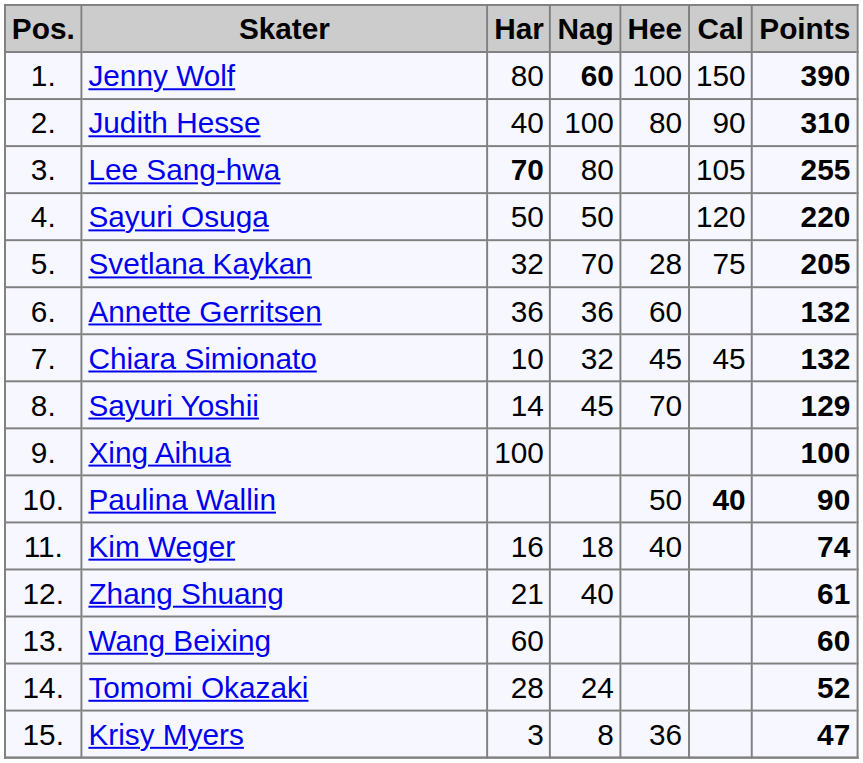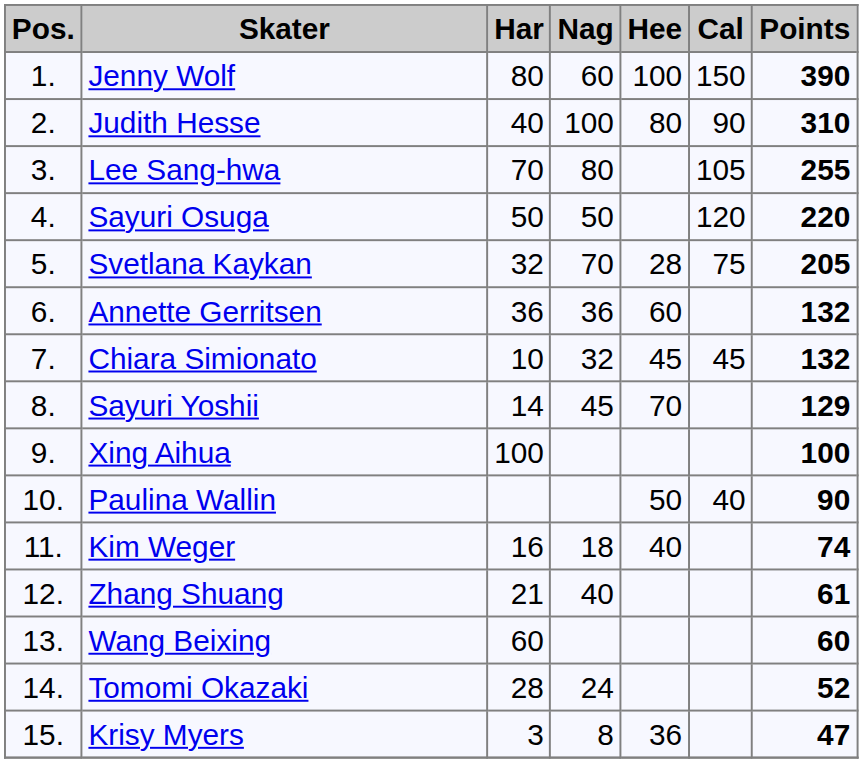 <table bgcolor="#f7f8ff" cellpadding="3" cellspacing="0" border="1" style="font-size: 95%; border: gray solid 1px; border-collapse: collapse;">
 <tr bgcolor="#CCCCCC">
 <td align="center" width="10"><strong>Pos.</strong></td>
 <td align="center" width="200"><strong>Skater</strong></td>
 <td align="center" width="20"><strong>Har</strong></td>
 <td align="center" width="20"><strong>Nag</strong></td>
 <td align="center" width="20"><strong>Hee</strong></td>
 <td align="center" width="20"><strong>Cal</strong></td>
 <td align="center" width="20"><strong>Points</strong></td>
 </tr>
 <tr align="left">
 <td align="center">1.</td>
 <td> <a href='#'>Jenny Wolf</a></td>
 <td align="right">80</td>
-<td align="right"><strong>60</strong></td>
+<td align="right">60</td>
 <td align="right">100</td>
 <td align="right">150</td>
 <td align="right"><strong>390</strong></td>
 </tr>
 <tr align="left">
 <td align="center">2.</td>
 <td> <a href='#'>Judith Hesse</a></td>
 <td align="right">40</td>
 <td align="right">100</td>
 <td align="right">80</td>
 <td align="right">90</td>
 <td align="right"><strong>310</strong></td>
 </tr>
 <tr align="left">
 <td align="center">3.</td>
 <td> <a href='#'>Lee Sang-hwa</a></td>
-<td align="right"><strong>70</strong></td>
+<td align="right">70</td>
 <td align="right">80</td>
 <td align="right"></td>
 <td align="right">105</td>
 <td align="right"><strong>255</strong></td>
 </tr>
 <tr align="left">
 <td align="center">4.</td>
 <td> <a href='#'>Sayuri Osuga</a></td>
 <td align="right">50</td>
 <td align="right">50</td>
 <td align="right"></td>
 <td align="right">120</td>
 <td align="right"><strong>220</strong></td>
 </tr>
 <tr align="left">
 <td align="center">5.</td>
 <td> <a href='#'>Svetlana Kaykan</a></td>
 <td align="right">32</td>
 <td align="right">70</td>
 <td align="right">28</td>
 <td align="right">75</td>
 <td align="right"><strong>205</strong></td>
 </tr>
 <tr align="left">
 <td align="center">6.</td>
 <td> <a href='#'>Annette Gerritsen</a></td>
 <td align="right">36</td>
 <td align="right">36</td>
 <td align="right">60</td>
 <td align="right"></td>
 <td align="right"><strong>132</strong></td>
 </tr>
 <tr align="left">
 <td align="center">7.</td>
 <td> <a href='#'>Chiara Simionato</a></td>
 <td align="right">10</td>
 <td align="right">32</td>
 <td align="right">45</td>
 <td align="right">45</td>
 <td align="right"><strong>132</strong></td>
 </tr>
 <tr align="left">
 <td align="center">8.</td>
 <td> <a href='#'>Sayuri Yoshii</a></td>
 <td align="right">14</td>
 <td align="right">45</td>
 <td align="right">70</td>
 <td align="right"></td>
 <td align="right"><strong>129</strong></td>
 </tr>
 <tr align="left">
 <td align="center">9.</td>
 <td> <a href='#'>Xing Aihua</a></td>
 <td align="right">100</td>
 <td align="right"></td>
 <td align="right"></td>
 <td align="right"></td>
 <td align="right"><strong>100</strong></td>
 </tr>
 <tr align="left">
 <td align="center">10.</td>
 <td> <a href='#'>Paulina Wallin</a></td>
 <td align="right"></td>
 <td align="right"></td>
 <td align="right">50</td>
-<td align="right"><strong>40</strong></td>
+<td align="right">40</td>
 <td align="right"><strong>90</strong></td>
 </tr>
 <tr align="left">
 <td align="center">11.</td>
 <td> <a href='#'>Kim Weger</a></td>
 <td align="right">16</td>
 <td align="right">18</td>
 <td align="right">40</td>
 <td align="right"></td>
 <td align="right"><strong>74</strong></td>
 </tr>
 <tr align="left">
 <td align="center">12.</td>
 <td> <a href='#'>Zhang Shuang</a></td>
 <td align="right">21</td>
 <td align="right">40</td>
 <td align="right"></td>
 <td align="right"></td>
 <td align="right"><strong>61</strong></td>
 </tr>
 <tr align="left">
 <td align="center">13.</td>
 <td> <a href='#'>Wang Beixing</a></td>
 <td align="right">60</td>
 <td align="right"></td>
 <td align="right"></td>
 <td align="right"></td>
 <td align="right"><strong>60</strong></td>
 </tr>
 <tr align="left">
 <td align="center">14.</td>
 <td> <a href='#'>Tomomi Okazaki</a></td>
 <td align="right">28</td>
 <td align="right">24</td>
 <td align="right"></td>
 <td align="right"></td>
 <td align="right"><strong>52</strong></td>
 </tr>
 <tr align="left">
 <td align="center">15.</td>
 <td> <a href='#'>Krisy Myers</a></td>
 <td align="right">3</td>
 <td align="right">8</td>
 <td align="right">36</td>
 <td align="right"></td>
 <td align="right"><strong>47</strong></td>
 </tr>
 <tr>
 </tr>
 </table>
